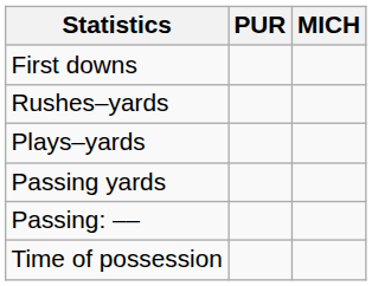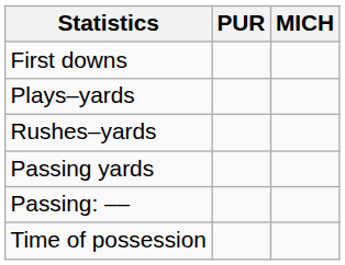 <table class="wikitable" style="float:left">
 <tr>
 <th>Statistics</th>
 <th>PUR</th>
 <th>MICH</th>
 </tr>
 <tr>
 <td>First downs</td>
 <td></td>
 <td></td>
 </tr>
 <tr>
-<td>Rushes–yards</td>
+<td>Plays–yards</td>
 <td></td>
 <td></td>
 </tr>
 <tr>
-<td>Plays–yards</td>
+<td>Rushes–yards</td>
 <td></td>
 <td></td>
 </tr>
 <tr>
 <td>Passing yards</td>
 <td></td>
 <td></td>
 </tr>
 <tr>
 <td>Passing: ––</td>
 <td></td>
 <td></td>
 </tr>
 <tr>
 <td>Time of possession</td>
 <td></td>
 <td></td>
 </tr>
 </table>
